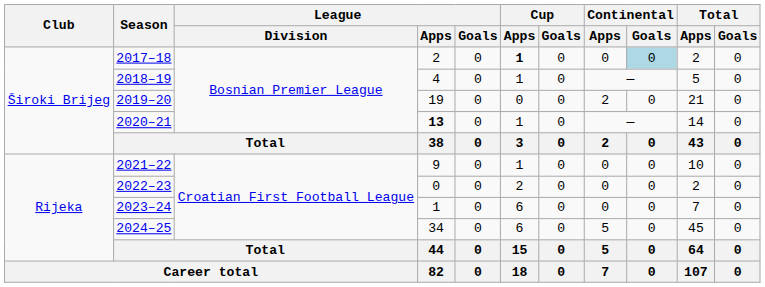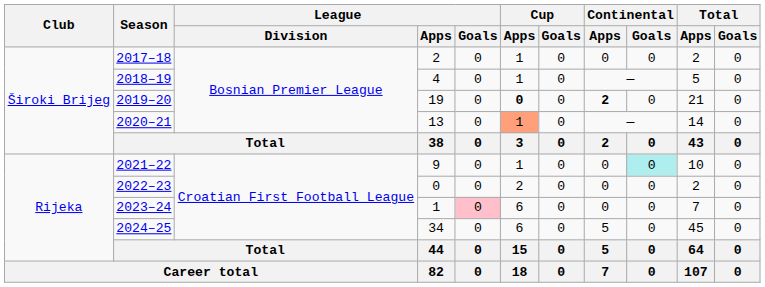 <table class=wikitable style="text-align: center">
 <tr>
 <th rowspan=2>Club</th>
 <th rowspan=2>Season</th>
 <th colspan=3>League</th>
 <th colspan=2>Cup</th>
 <th colspan=2>Continental</th>
 <th colspan=2>Total</th>
 </tr>
 <tr>
 <th>Division</th>
 <th>Apps</th>
 <th>Goals</th>
 <th>Apps</th>
 <th>Goals</th>
 <th>Apps</th>
 <th>Goals</th>
 <th>Apps</th>
 <th>Goals</th>
 </tr>
 <tr>
 <td rowspan=5><a href='#'>Široki Brijeg</a></td>
 <td><a href='#'>2017–18</a></td>
 <td rowspan=4><a href='#'>Bosnian Premier League</a></td>
 <td>2</td>
 <td>0</td>
-<td><strong>1</strong></td>
+<td>1</td>
 <td>0</td>
 <td>0</td>
-<td style="background: lightblue;">0</td>
+<td>0</td>
 <td>2</td>
 <td>0</td>
 </tr>
 <tr>
 <td><a href='#'>2018–19</a></td>
 <td>4</td>
 <td>0</td>
 <td>1</td>
 <td>0</td>
 <td colspan=2>—</td>
 <td>5</td>
 <td>0</td>
 </tr>
 <tr>
 <td><a href='#'>2019–20</a></td>
 <td>19</td>
 <td>0</td>
+<td><strong>0</strong></td>
 <td>0</td>
-<td>0</td>
-<td>2</td>
+<td><strong>2</strong></td>
 <td>0</td>
 <td>21</td>
 <td>0</td>
 </tr>
 <tr>
 <td><a href='#'>2020–21</a></td>
-<td><strong>13</strong></td>
+<td>13</td>
 <td>0</td>
-<td>1</td>
+<td style="background: lightsalmon;">1</td>
 <td>0</td>
 <td colspan=2>—</td>
 <td>14</td>
 <td>0</td>
 </tr>
 <tr>
 <th colspan=2>Total</th>
 <th>38</th>
 <th>0</th>
 <th>3</th>
 <th>0</th>
 <th>2</th>
 <th>0</th>
 <th>43</th>
 <th>0</th>
 </tr>
 <tr>
 <td rowspan=5><a href='#'>Rijeka</a></td>
 <td><a href='#'>2021–22</a></td>
 <td rowspan=4><a href='#'>Croatian First Football League</a></td>
 <td>9</td>
 <td>0</td>
 <td>1</td>
 <td>0</td>
 <td>0</td>
-<td>0</td>
+<td style="background: paleturquoise;">0</td>
 <td>10</td>
 <td>0</td>
 </tr>
 <tr>
 <td><a href='#'>2022–23</a></td>
 <td>0</td>
 <td>0</td>
 <td>2</td>
 <td>0</td>
 <td>0</td>
 <td>0</td>
 <td>2</td>
 <td>0</td>
 </tr>
 <tr>
 <td><a href='#'>2023–24</a></td>
 <td>1</td>
-<td>0</td>
+<td style="background: pink;">0</td>
 <td>6</td>
 <td>0</td>
 <td>0</td>
 <td>0</td>
 <td>7</td>
 <td>0</td>
 </tr>
 <tr>
 <td><a href='#'>2024–25</a></td>
 <td>34</td>
 <td>0</td>
 <td>6</td>
 <td>0</td>
 <td>5</td>
 <td>0</td>
 <td>45</td>
 <td>0</td>
 </tr>
 <tr>
 <th colspan=2>Total</th>
 <th>44</th>
 <th>0</th>
 <th>15</th>
 <th>0</th>
 <th>5</th>
 <th>0</th>
 <th>64</th>
 <th>0</th>
 </tr>
 <tr>
 <th colspan=3>Career total</th>
 <th>82</th>
 <th>0</th>
 <th>18</th>
 <th>0</th>
 <th>7</th>
 <th>0</th>
 <th>107</th>
 <th>0</th>
 </tr>
 </table>
